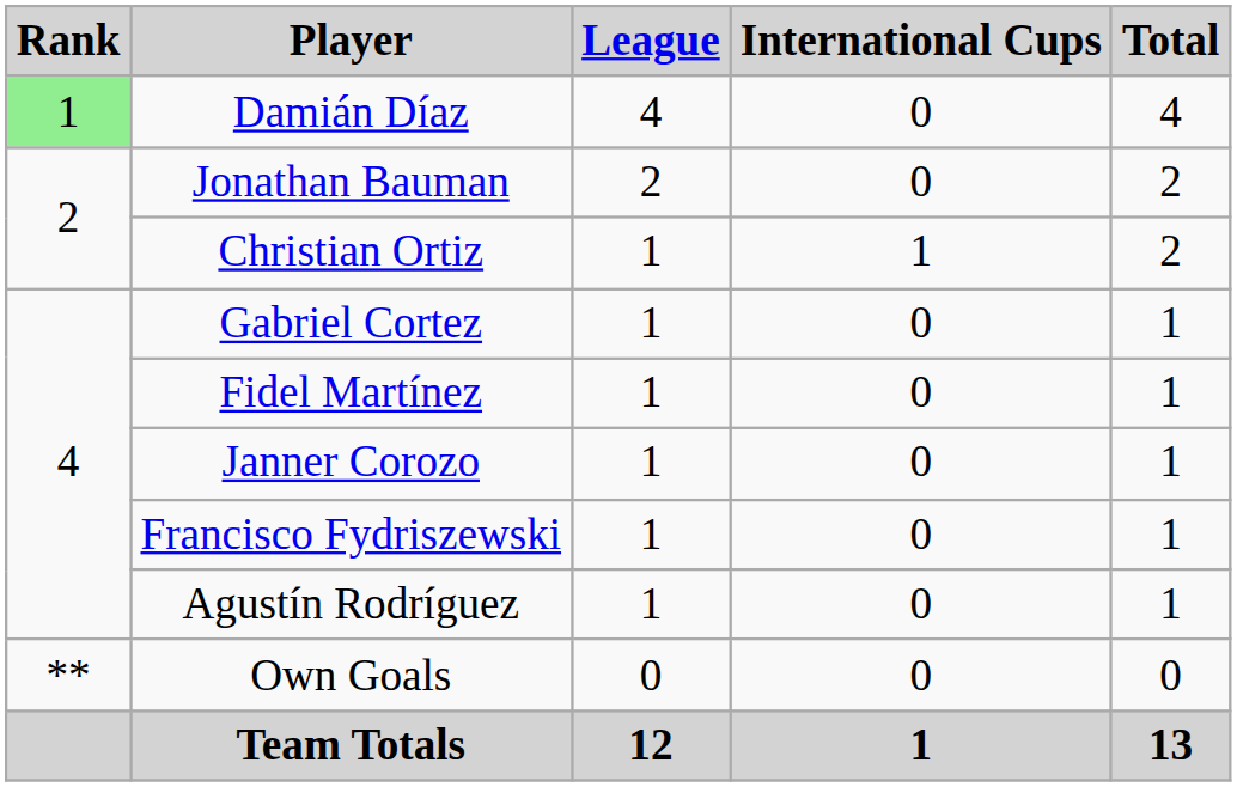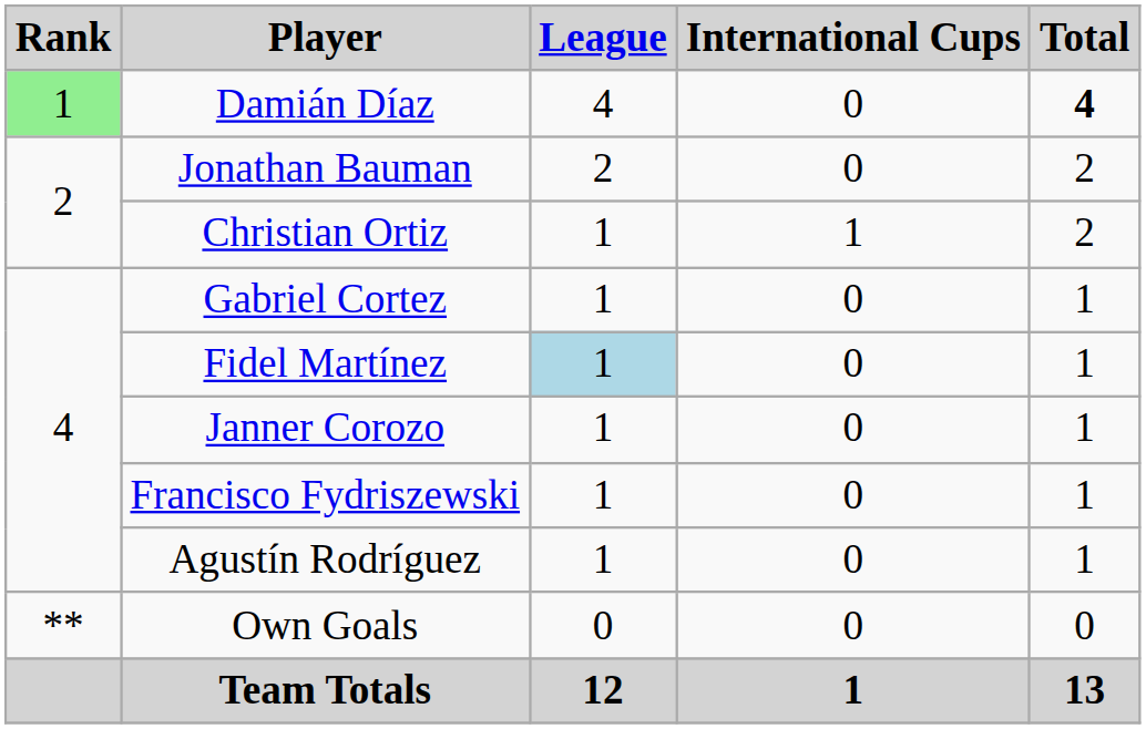 <table class="wikitable" style="text-align:center">
 <tr>
 <th style="background:lightgrey; color:black; text-align:center;">Rank</th>
 <th style="background:lightgrey; color:black; text-align:center;">Player</th>
 <th style="background:lightgrey; color:black; text-align:center;"><a href='#'>League</a></th>
 <th style="background:lightgrey; color:black; text-align:center;">International Cups</th>
 <th style="background:lightgrey; color:black; text-align:center;">Total</th>
 </tr>
 <tr>
 <td style="background: lightgreen;">1</td>
 <td> <a href='#'>Damián Díaz</a></td>
 <td>4</td>
 <td>0</td>
-<td>4</td>
+<td><strong>4</strong></td>
 </tr>
 <tr>
 <td rowspan=2>2</td>
 <td> <a href='#'>Jonathan Bauman</a></td>
 <td>2</td>
 <td>0</td>
 <td>2</td>
 </tr>
 <tr>
 <td> <a href='#'>Christian Ortiz</a></td>
 <td>1</td>
 <td>1</td>
 <td>2</td>
 </tr>
 <tr>
 <td rowspan=5>4</td>
 <td> <a href='#'>Gabriel Cortez</a></td>
 <td>1</td>
 <td>0</td>
 <td>1</td>
 </tr>
 <tr>
 <td> <a href='#'>Fidel Martínez</a></td>
-<td>1</td>
+<td style="background: lightblue;">1</td>
 <td>0</td>
 <td>1</td>
 </tr>
 <tr>
 <td> <a href='#'>Janner Corozo</a></td>
 <td>1</td>
 <td>0</td>
 <td>1</td>
 </tr>
 <tr>
 <td> <a href='#'>Francisco Fydriszewski</a></td>
 <td>1</td>
 <td>0</td>
 <td>1</td>
 </tr>
 <tr>
 <td> Agustín Rodríguez</td>
 <td>1</td>
 <td>0</td>
 <td>1</td>
 </tr>
 <tr>
 <td>**</td>
 <td>Own Goals</td>
 <td>0</td>
 <td>0</td>
 <td>0</td>
 </tr>
 <tr>
 <th style="background:lightgrey; color:black; text-align:center;"></th>
 <th style="background:lightgrey; color:black; text-align:center;">Team Totals</th>
 <th style="background:lightgrey; color:black; text-align:center;">12</th>
 <th style="background:lightgrey; color:black; text-align:center;">1</th>
 <th style="background:lightgrey; color:black; text-align:center;">13</th>
 </tr>
 </table>
